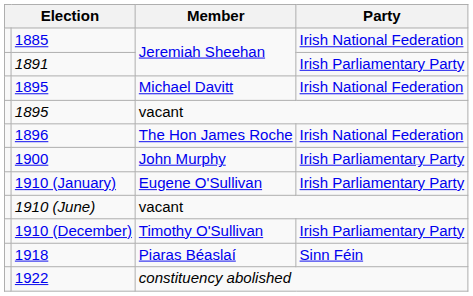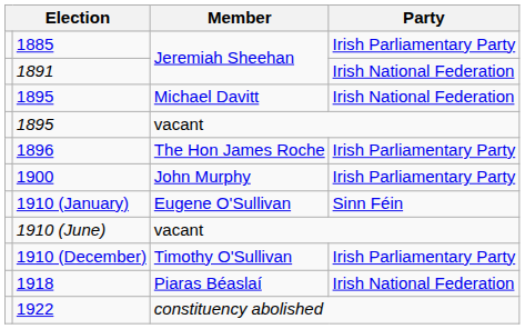 <table class="wikitable">
 <tr>
 <th colspan="2">Election</th>
 <th>Member </th>
 <th>Party</th>
 </tr>
 <tr>
 <td style="background-color: "></td>
 <td><a href='#'>1885</a></td>
 <td rowspan="2"><a href='#'>Jeremiah Sheehan</a></td>
-<td><a href='#'>Irish National Federation</a></td>
+<td><a href='#'>Irish Parliamentary Party</a></td>
 </tr>
 <tr>
 <td style="background-color: "></td>
 <td><em>1891</em></td>
-<td><a href='#'>Irish Parliamentary Party</a></td>
+<td><a href='#'>Irish National Federation</a></td>
 </tr>
 <tr>
 <td style="background-color: "></td>
 <td><a href='#'>1895</a></td>
 <td><a href='#'>Michael Davitt</a></td>
 <td><a href='#'>Irish National Federation</a></td>
 </tr>
 <tr>
 <td></td>
 <td><em>1895</em></td>
 <td colspan="2">vacant</td>
 </tr>
 <tr>
 <td style="background-color: "></td>
 <td><a href='#'>1896</a></td>
 <td><a href='#'>The Hon James Roche</a></td>
-<td><a href='#'>Irish National Federation</a></td>
+<td><a href='#'>Irish Parliamentary Party</a></td>
 </tr>
 <tr>
 <td style="background-color: "></td>
 <td><a href='#'>1900</a></td>
 <td><a href='#'>John Murphy</a></td>
 <td><a href='#'>Irish Parliamentary Party</a></td>
 </tr>
 <tr>
 <td style="background-color: "></td>
 <td><a href='#'>1910 (January)</a></td>
 <td><a href='#'>Eugene O'Sullivan</a></td>
-<td><a href='#'>Irish Parliamentary Party</a></td>
+<td><a href='#'>Sinn Féin</a></td>
 </tr>
 <tr>
 <td></td>
 <td><em>1910 (June)</em></td>
 <td colspan="2">vacant</td>
 </tr>
 <tr>
 <td style="background-color: "></td>
 <td><a href='#'>1910 (December)</a></td>
 <td><a href='#'>Timothy O'Sullivan</a></td>
 <td><a href='#'>Irish Parliamentary Party</a></td>
 </tr>
 <tr>
 <td style="background-color: "></td>
 <td><a href='#'>1918</a></td>
 <td><a href='#'>Piaras Béaslaí</a></td>
-<td><a href='#'>Sinn Féin</a></td>
+<td><a href='#'>Irish National Federation</a></td>
 </tr>
 <tr>
 <td></td>
 <td><a href='#'>1922</a></td>
 <td colspan="2"><em>constituency abolished</em></td>
 </tr>
 </table>
